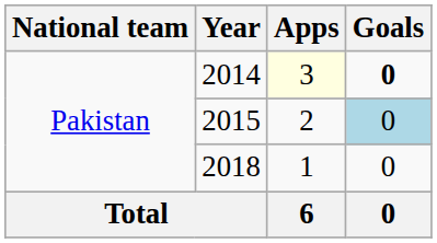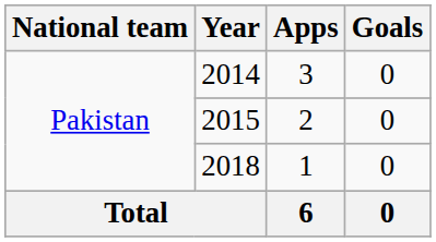 <table class="wikitable" style="text-align:center">
 <tr>
 <th>National team</th>
 <th>Year</th>
 <th>Apps</th>
 <th>Goals</th>
 </tr>
 <tr>
 <td rowspan="3"><a href='#'>Pakistan</a></td>
 <td>2014</td>
-<td style="background: lightyellow;">3</td>
-<td><strong>0</strong></td>
+<td>3</td>
+<td>0</td>
 </tr>
 <tr>
 <td>2015</td>
 <td>2</td>
-<td style="background: lightblue;">0</td>
+<td>0</td>
 </tr>
 <tr>
 <td>2018</td>
 <td>1</td>
 <td>0</td>
 </tr>
 <tr>
 <th colspan="2">Total</th>
 <th>6</th>
 <th>0</th>
 </tr>
 </table>
